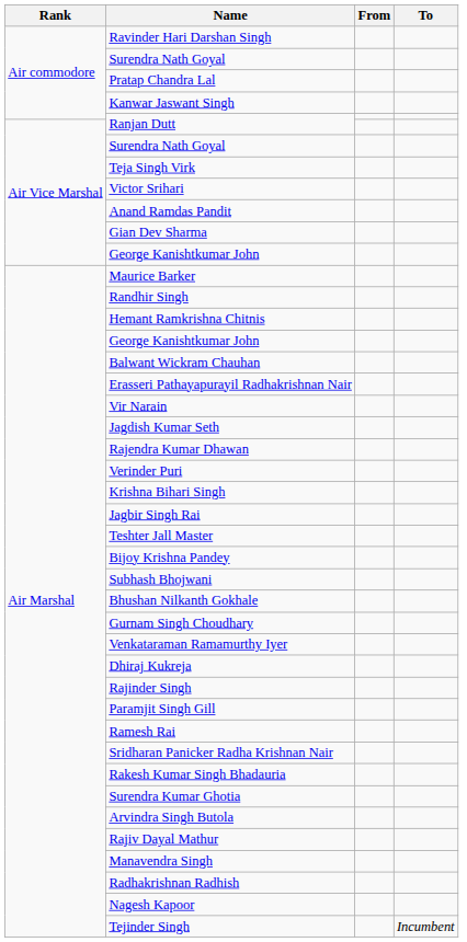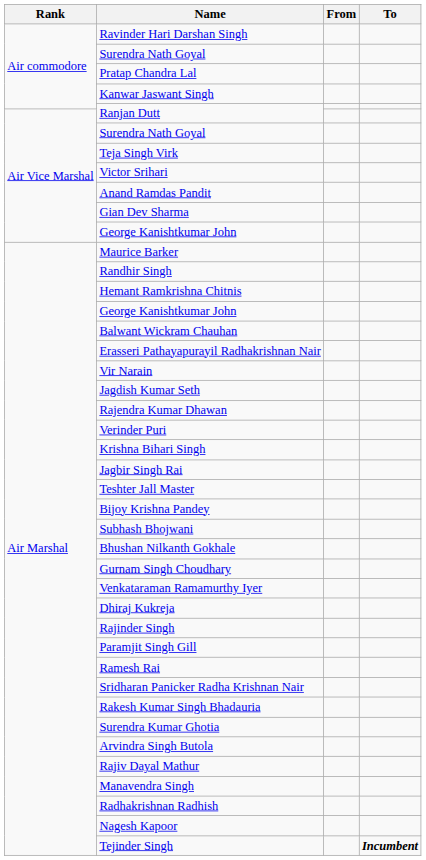 <table class="wikitable sortable">
 <tr>
 <th>Rank</th>
 <th>Name</th>
 <th>From</th>
 <th>To</th>
 </tr>
 <tr>
 <td rowspan="5"><a href='#'>Air commodore</a></td>
 <td><a href='#'>Ravinder Hari Darshan Singh</a></td>
 <td></td>
 <td></td>
 </tr>
 <tr>
 <td><a href='#'>Surendra Nath Goyal</a></td>
 <td></td>
 <td></td>
 </tr>
 <tr>
 <td><a href='#'>Pratap Chandra Lal</a></td>
 <td></td>
 <td></td>
 </tr>
 <tr>
 <td><a href='#'>Kanwar Jaswant Singh</a></td>
 <td></td>
 <td></td>
 </tr>
 <tr>
 <td rowspan='2'><a href='#'>Ranjan Dutt</a></td>
 <td></td>
 <td></td>
 </tr>
 <tr>
 <td rowspan='7'><a href='#'>Air Vice Marshal</a></td>
 <td></td>
 <td></td>
 </tr>
 <tr>
 <td><a href='#'>Surendra Nath Goyal</a></td>
 <td></td>
 <td></td>
 </tr>
 <tr>
 <td><a href='#'>Teja Singh Virk</a></td>
 <td></td>
 <td></td>
 </tr>
 <tr>
 <td><a href='#'>Victor Srihari</a></td>
 <td></td>
 <td></td>
 </tr>
 <tr>
 <td><a href='#'>Anand Ramdas Pandit</a></td>
 <td></td>
 <td></td>
 </tr>
 <tr>
 <td><a href='#'>Gian Dev Sharma</a></td>
 <td></td>
 <td></td>
 </tr>
 <tr>
 <td><a href='#'>George Kanishtkumar John</a></td>
 <td></td>
 <td></td>
 </tr>
 <tr>
 <td rowspan='31'><a href='#'>Air Marshal</a></td>
 <td><a href='#'>Maurice Barker</a></td>
 <td></td>
 <td></td>
 </tr>
 <tr>
 <td><a href='#'>Randhir Singh</a></td>
 <td></td>
 <td></td>
 </tr>
 <tr>
 <td><a href='#'>Hemant Ramkrishna Chitnis</a></td>
 <td></td>
 <td></td>
 </tr>
 <tr>
 <td><a href='#'>George Kanishtkumar John</a></td>
 <td></td>
 <td></td>
 </tr>
 <tr>
 <td><a href='#'>Balwant Wickram Chauhan</a></td>
 <td></td>
 <td></td>
 </tr>
 <tr>
 <td><a href='#'>Erasseri Pathayapurayil Radhakrishnan Nair</a></td>
 <td></td>
 <td></td>
 </tr>
 <tr>
 <td><a href='#'>Vir Narain</a></td>
 <td></td>
 <td></td>
 </tr>
 <tr>
 <td><a href='#'>Jagdish Kumar Seth</a></td>
 <td></td>
 <td></td>
 </tr>
 <tr>
 <td><a href='#'>Rajendra Kumar Dhawan</a></td>
 <td></td>
 <td></td>
 </tr>
 <tr>
 <td><a href='#'>Verinder Puri</a></td>
 <td></td>
 <td></td>
 </tr>
 <tr>
 <td><a href='#'>Krishna Bihari Singh</a></td>
 <td></td>
 <td></td>
 </tr>
 <tr>
 <td><a href='#'>Jagbir Singh Rai</a></td>
 <td></td>
 <td></td>
 </tr>
 <tr>
 <td><a href='#'>Teshter Jall Master</a></td>
 <td></td>
 <td></td>
 </tr>
 <tr>
 <td><a href='#'>Bijoy Krishna Pandey</a></td>
 <td></td>
 <td></td>
 </tr>
 <tr>
 <td><a href='#'>Subhash Bhojwani</a></td>
 <td></td>
 <td></td>
 </tr>
 <tr>
 <td><a href='#'>Bhushan Nilkanth Gokhale</a></td>
 <td></td>
 <td></td>
 </tr>
 <tr>
 <td><a href='#'>Gurnam Singh Choudhary</a></td>
 <td></td>
 <td></td>
 </tr>
 <tr>
 <td><a href='#'>Venkataraman Ramamurthy Iyer</a></td>
 <td></td>
 <td></td>
 </tr>
 <tr>
 <td><a href='#'>Dhiraj Kukreja</a></td>
 <td></td>
 <td></td>
 </tr>
 <tr>
 <td><a href='#'>Rajinder Singh</a></td>
 <td></td>
 <td></td>
 </tr>
 <tr>
 <td><a href='#'>Paramjit Singh Gill</a></td>
 <td></td>
 <td></td>
 </tr>
 <tr>
 <td><a href='#'>Ramesh Rai</a></td>
 <td></td>
 <td></td>
 </tr>
 <tr>
 <td><a href='#'>Sridharan Panicker Radha Krishnan Nair</a></td>
 <td></td>
 <td></td>
 </tr>
 <tr>
 <td><a href='#'>Rakesh Kumar Singh Bhadauria</a></td>
 <td></td>
 <td></td>
 </tr>
 <tr>
 <td><a href='#'>Surendra Kumar Ghotia</a></td>
 <td></td>
 <td></td>
 </tr>
 <tr>
 <td><a href='#'>Arvindra Singh Butola</a></td>
 <td></td>
 <td></td>
 </tr>
 <tr>
 <td><a href='#'>Rajiv Dayal Mathur</a></td>
 <td></td>
 <td></td>
 </tr>
 <tr>
 <td><a href='#'>Manavendra Singh</a></td>
 <td></td>
 <td></td>
 </tr>
 <tr>
 <td><a href='#'>Radhakrishnan Radhish</a></td>
 <td></td>
 <td></td>
 </tr>
 <tr>
 <td><a href='#'>Nagesh Kapoor</a></td>
 <td></td>
 <td></td>
 </tr>
 <tr>
 <td><a href='#'>Tejinder Singh</a></td>
 <td></td>
-<td><em>Incumbent</em></td>
+<td><strong><em>Incumbent</em></strong></td>
 </tr>
 </table>
